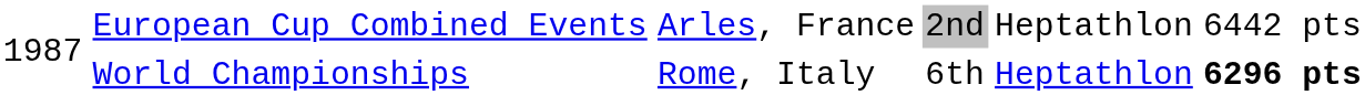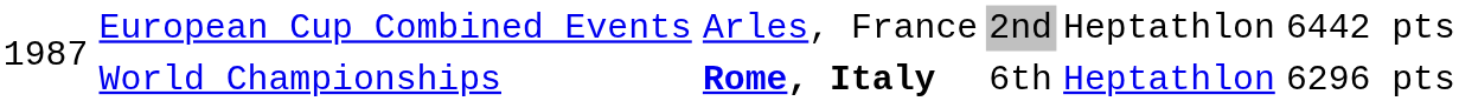 <table>
 <tr>
 <td rowspan=2>1987</td>
 <td><a href='#'>European Cup Combined Events</a></td>
 <td><a href='#'>Arles</a>, France</td>
 <td bgcolor=silver>2nd</td>
 <td>Heptathlon</td>
 <td>6442 pts</td>
 </tr>
 <tr>
 <td><a href='#'>World Championships</a></td>
-<td><a href='#'>Rome</a>, Italy</td>
+<td><strong><a href='#'>Rome</a>, Italy</strong></td>
 <td>6th</td>
 <td><a href='#'>Heptathlon</a></td>
-<td><strong>6296 pts</strong></td>
+<td>6296 pts</td>
 </tr>
 </table>
